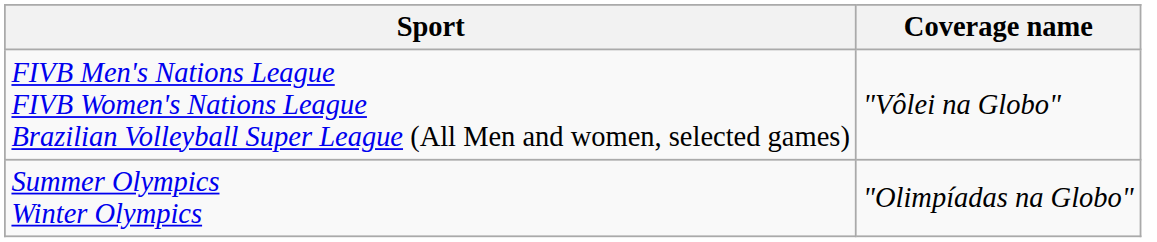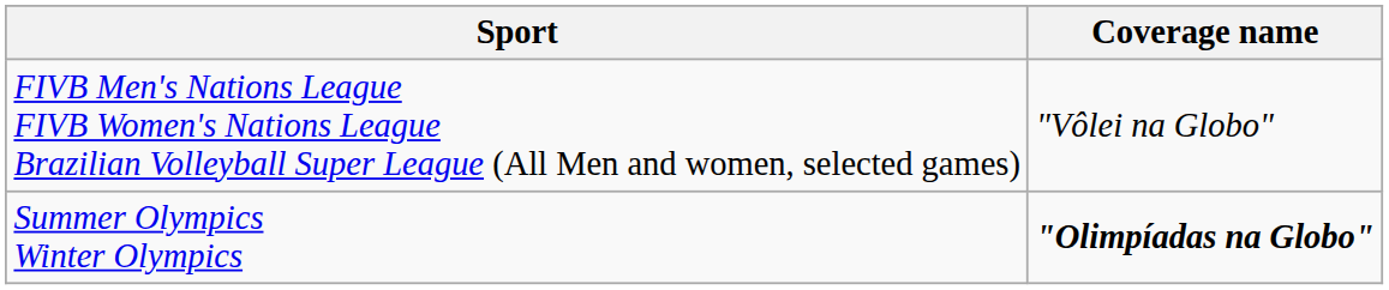 <table class="wikitable">
 <tr>
 <th>Sport</th>
 <th>Coverage name</th>
 </tr>
 <tr>
 <td><em><a href='#'>FIVB Men's Nations League</a></em><br><em><a href='#'>FIVB Women's Nations League</a></em><br><em><a href='#'>Brazilian Volleyball Super League</a></em> (All Men and women, selected games)</td>
 <td><em>"Vôlei na Globo"</em></td>
 </tr>
 <tr>
 <td><em><a href='#'>Summer Olympics</a></em><br><em><a href='#'>Winter Olympics</a></em></td>
-<td><em>"Olimpíadas na Globo"</em></td>
+<td><strong><em>"Olimpíadas na Globo"</em></strong></td>
 </tr>
 </table>
